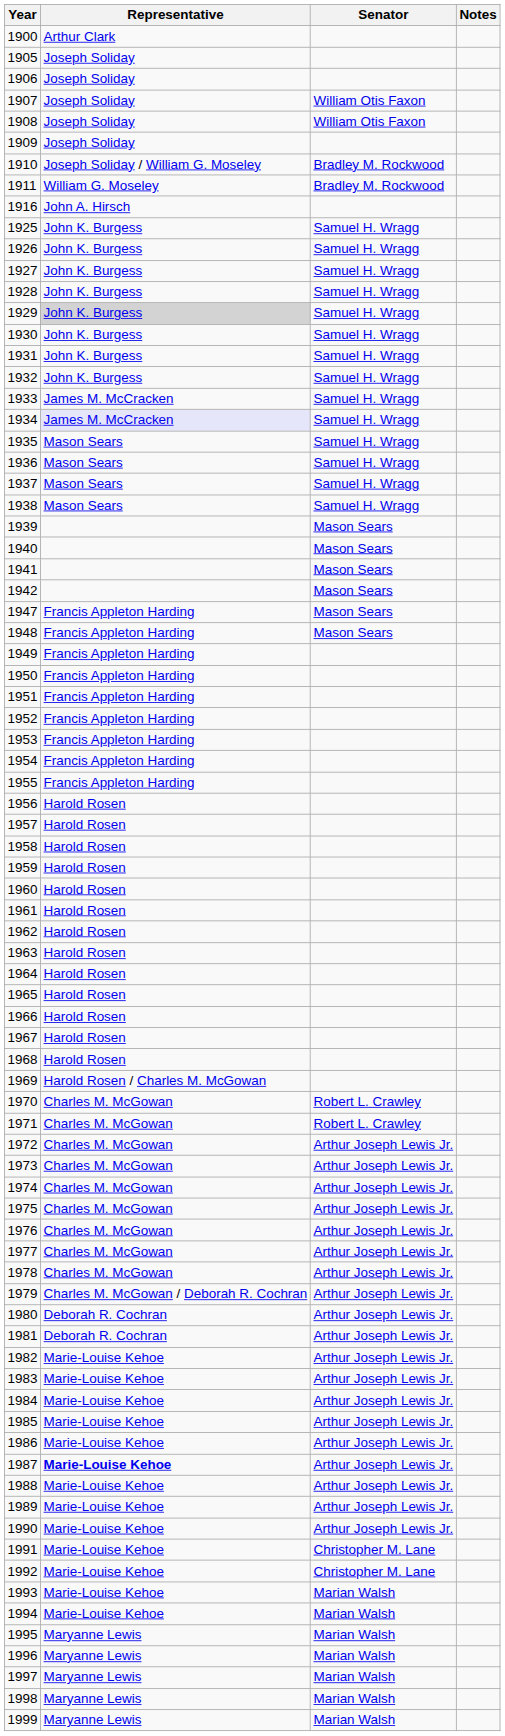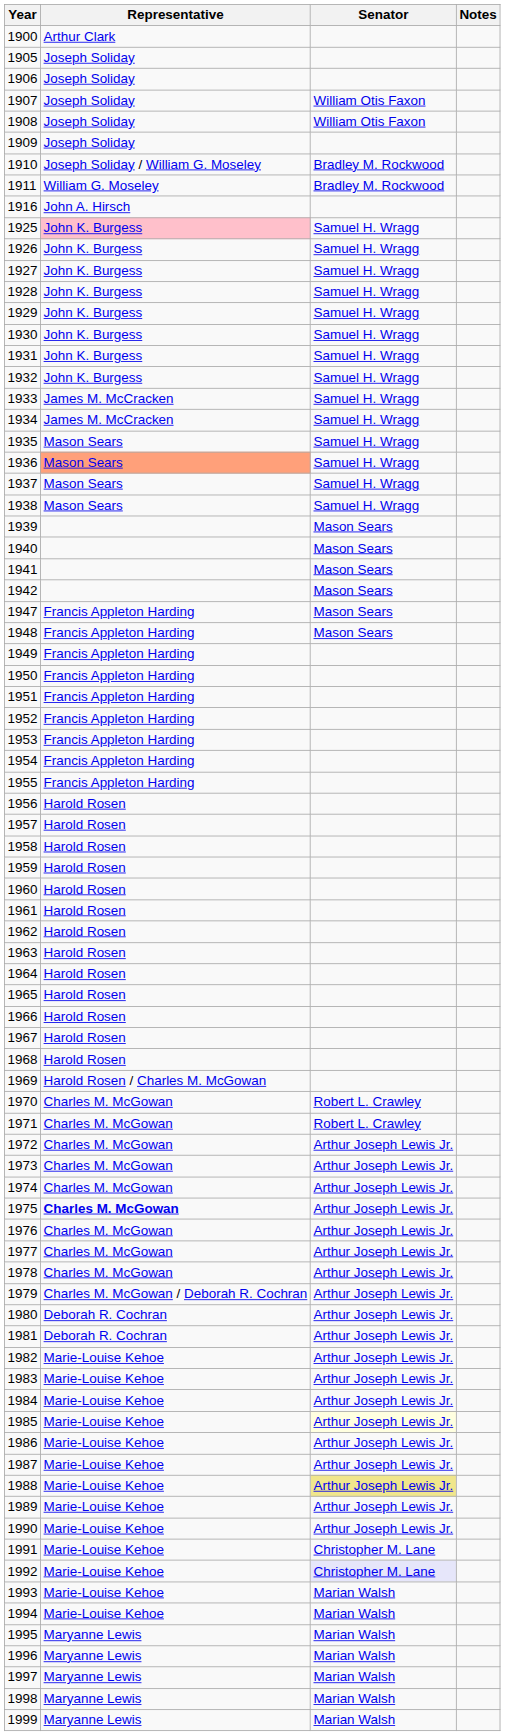 <table class="wikitable collapsible sortable">
 <tr>
 <th>Year</th>
 <th>Representative</th>
 <th>Senator</th>
 <th>Notes</th>
 </tr>
 <tr>
 <td>1900</td>
 <td><a href='#'>Arthur Clark</a></td>
 <td></td>
 <td></td>
 </tr>
 <tr>
 <td>1905</td>
 <td><a href='#'>Joseph Soliday</a></td>
 <td></td>
 <td></td>
 </tr>
 <tr>
 <td>1906</td>
 <td><a href='#'>Joseph Soliday</a></td>
 <td></td>
 <td></td>
 </tr>
 <tr>
 <td>1907</td>
 <td><a href='#'>Joseph Soliday</a></td>
 <td><a href='#'>William Otis Faxon</a></td>
 <td></td>
 </tr>
 <tr>
 <td>1908</td>
 <td><a href='#'>Joseph Soliday</a></td>
 <td><a href='#'>William Otis Faxon</a></td>
 <td></td>
 </tr>
 <tr>
 <td>1909</td>
 <td><a href='#'>Joseph Soliday</a></td>
 <td></td>
 <td></td>
 </tr>
 <tr>
 <td>1910</td>
 <td><a href='#'>Joseph Soliday</a> / <a href='#'>William G. Moseley</a></td>
 <td><a href='#'>Bradley M. Rockwood</a></td>
 <td></td>
 </tr>
 <tr>
 <td>1911</td>
 <td><a href='#'>William G. Moseley</a></td>
 <td><a href='#'>Bradley M. Rockwood</a></td>
 <td></td>
 </tr>
 <tr>
 <td>1916</td>
 <td><a href='#'>John A. Hirsch</a></td>
 <td></td>
 <td></td>
 </tr>
 <tr>
 <td>1925</td>
-<td><a href='#'>John K. Burgess</a></td>
+<td style="background: pink;"><a href='#'>John K. Burgess</a></td>
 <td><a href='#'>Samuel H. Wragg</a></td>
 <td></td>
 </tr>
 <tr>
 <td>1926</td>
 <td><a href='#'>John K. Burgess</a></td>
 <td><a href='#'>Samuel H. Wragg</a></td>
 <td></td>
 </tr>
 <tr>
 <td>1927</td>
 <td><a href='#'>John K. Burgess</a></td>
 <td><a href='#'>Samuel H. Wragg</a></td>
 <td></td>
 </tr>
 <tr>
 <td>1928</td>
 <td><a href='#'>John K. Burgess</a></td>
 <td><a href='#'>Samuel H. Wragg</a></td>
 <td></td>
 </tr>
 <tr>
 <td>1929</td>
-<td style="background: lightgrey;"><a href='#'>John K. Burgess</a></td>
+<td><a href='#'>John K. Burgess</a></td>
 <td><a href='#'>Samuel H. Wragg</a></td>
 <td></td>
 </tr>
 <tr>
 <td>1930</td>
 <td><a href='#'>John K. Burgess</a></td>
 <td><a href='#'>Samuel H. Wragg</a></td>
 <td></td>
 </tr>
 <tr>
 <td>1931</td>
 <td><a href='#'>John K. Burgess</a></td>
 <td><a href='#'>Samuel H. Wragg</a></td>
 <td></td>
 </tr>
 <tr>
 <td>1932</td>
 <td><a href='#'>John K. Burgess</a></td>
 <td><a href='#'>Samuel H. Wragg</a></td>
 <td></td>
 </tr>
 <tr>
 <td>1933</td>
 <td><a href='#'>James M. McCracken</a></td>
 <td><a href='#'>Samuel H. Wragg</a></td>
 <td></td>
 </tr>
 <tr>
 <td>1934</td>
-<td style="background: lavender;"><a href='#'>James M. McCracken</a></td>
+<td><a href='#'>James M. McCracken</a></td>
 <td><a href='#'>Samuel H. Wragg</a></td>
 <td></td>
 </tr>
 <tr>
 <td>1935</td>
 <td><a href='#'>Mason Sears</a></td>
 <td><a href='#'>Samuel H. Wragg</a></td>
 <td></td>
 </tr>
 <tr>
 <td>1936</td>
-<td><a href='#'>Mason Sears</a></td>
+<td style="background: lightsalmon;"><a href='#'>Mason Sears</a></td>
 <td><a href='#'>Samuel H. Wragg</a></td>
 <td></td>
 </tr>
 <tr>
 <td>1937</td>
 <td><a href='#'>Mason Sears</a></td>
 <td><a href='#'>Samuel H. Wragg</a></td>
 <td></td>
 </tr>
 <tr>
 <td>1938</td>
 <td><a href='#'>Mason Sears</a></td>
 <td><a href='#'>Samuel H. Wragg</a></td>
 <td></td>
 </tr>
 <tr>
 <td>1939</td>
 <td></td>
 <td><a href='#'>Mason Sears</a></td>
 <td></td>
 </tr>
 <tr>
 <td>1940</td>
 <td></td>
 <td><a href='#'>Mason Sears</a></td>
 <td></td>
 </tr>
 <tr>
 <td>1941</td>
 <td></td>
 <td><a href='#'>Mason Sears</a></td>
 <td></td>
 </tr>
 <tr>
 <td>1942</td>
 <td></td>
 <td><a href='#'>Mason Sears</a></td>
 <td></td>
 </tr>
 <tr>
 <td>1947</td>
 <td><a href='#'>Francis Appleton Harding</a></td>
 <td><a href='#'>Mason Sears</a></td>
 <td></td>
 </tr>
 <tr>
 <td>1948</td>
 <td><a href='#'>Francis Appleton Harding</a></td>
 <td><a href='#'>Mason Sears</a></td>
 <td></td>
 </tr>
 <tr>
 <td>1949</td>
 <td><a href='#'>Francis Appleton Harding</a></td>
 <td></td>
 <td></td>
 </tr>
 <tr>
 <td>1950</td>
 <td><a href='#'>Francis Appleton Harding</a></td>
 <td></td>
 <td></td>
 </tr>
 <tr>
 <td>1951</td>
 <td><a href='#'>Francis Appleton Harding</a></td>
 <td></td>
 <td></td>
 </tr>
 <tr>
 <td>1952</td>
 <td><a href='#'>Francis Appleton Harding</a></td>
 <td></td>
 <td></td>
 </tr>
 <tr>
 <td>1953</td>
 <td><a href='#'>Francis Appleton Harding</a></td>
 <td></td>
 <td></td>
 </tr>
 <tr>
 <td>1954</td>
 <td><a href='#'>Francis Appleton Harding</a></td>
 <td></td>
 <td></td>
 </tr>
 <tr>
 <td>1955</td>
 <td><a href='#'>Francis Appleton Harding</a></td>
 <td></td>
 <td></td>
 </tr>
 <tr>
 <td>1956</td>
 <td><a href='#'>Harold Rosen</a></td>
 <td></td>
 <td></td>
 </tr>
 <tr>
 <td>1957</td>
 <td><a href='#'>Harold Rosen</a></td>
 <td></td>
 <td></td>
 </tr>
 <tr>
 <td>1958</td>
 <td><a href='#'>Harold Rosen</a></td>
 <td></td>
 <td></td>
 </tr>
 <tr>
 <td>1959</td>
 <td><a href='#'>Harold Rosen</a></td>
 <td></td>
 <td></td>
 </tr>
 <tr>
 <td>1960</td>
 <td><a href='#'>Harold Rosen</a></td>
 <td></td>
 <td></td>
 </tr>
 <tr>
 <td>1961</td>
 <td><a href='#'>Harold Rosen</a></td>
 <td></td>
 <td></td>
 </tr>
 <tr>
 <td>1962</td>
 <td><a href='#'>Harold Rosen</a></td>
 <td></td>
 <td></td>
 </tr>
 <tr>
 <td>1963</td>
 <td><a href='#'>Harold Rosen</a></td>
 <td></td>
 <td></td>
 </tr>
 <tr>
 <td>1964</td>
 <td><a href='#'>Harold Rosen</a></td>
 <td></td>
 <td></td>
 </tr>
 <tr>
 <td>1965</td>
 <td><a href='#'>Harold Rosen</a></td>
 <td></td>
 <td></td>
 </tr>
 <tr>
 <td>1966</td>
 <td><a href='#'>Harold Rosen</a></td>
 <td></td>
 <td></td>
 </tr>
 <tr>
 <td>1967</td>
 <td><a href='#'>Harold Rosen</a></td>
 <td></td>
 <td></td>
 </tr>
 <tr>
 <td>1968</td>
 <td><a href='#'>Harold Rosen</a></td>
 <td></td>
 <td></td>
 </tr>
 <tr>
 <td>1969</td>
 <td><a href='#'>Harold Rosen</a> / <a href='#'>Charles M. McGowan</a></td>
 <td></td>
 <td></td>
 </tr>
 <tr>
 <td>1970</td>
 <td><a href='#'>Charles M. McGowan</a></td>
 <td><a href='#'>Robert L. Crawley</a></td>
 <td></td>
 </tr>
 <tr>
 <td>1971</td>
 <td><a href='#'>Charles M. McGowan</a></td>
 <td><a href='#'>Robert L. Crawley</a></td>
 <td></td>
 </tr>
 <tr>
 <td>1972</td>
 <td><a href='#'>Charles M. McGowan</a></td>
 <td><a href='#'>Arthur Joseph Lewis Jr.</a></td>
 <td></td>
 </tr>
 <tr>
 <td>1973</td>
 <td><a href='#'>Charles M. McGowan</a></td>
 <td><a href='#'>Arthur Joseph Lewis Jr.</a></td>
 <td></td>
 </tr>
 <tr>
 <td>1974</td>
 <td><a href='#'>Charles M. McGowan</a></td>
 <td><a href='#'>Arthur Joseph Lewis Jr.</a></td>
 <td></td>
 </tr>
 <tr>
 <td>1975</td>
-<td><a href='#'>Charles M. McGowan</a></td>
+<td><strong><a href='#'>Charles M. McGowan</a></strong></td>
 <td><a href='#'>Arthur Joseph Lewis Jr.</a></td>
 <td></td>
 </tr>
 <tr>
 <td>1976</td>
 <td><a href='#'>Charles M. McGowan</a></td>
 <td><a href='#'>Arthur Joseph Lewis Jr.</a></td>
 <td></td>
 </tr>
 <tr>
 <td>1977</td>
 <td><a href='#'>Charles M. McGowan</a></td>
 <td><a href='#'>Arthur Joseph Lewis Jr.</a></td>
 <td></td>
 </tr>
 <tr>
 <td>1978</td>
 <td><a href='#'>Charles M. McGowan</a></td>
 <td><a href='#'>Arthur Joseph Lewis Jr.</a></td>
 <td></td>
 </tr>
 <tr>
 <td>1979</td>
 <td><a href='#'>Charles M. McGowan</a> / <a href='#'>Deborah R. Cochran</a></td>
 <td><a href='#'>Arthur Joseph Lewis Jr.</a></td>
 <td></td>
 </tr>
 <tr>
 <td>1980</td>
 <td><a href='#'>Deborah R. Cochran</a></td>
 <td><a href='#'>Arthur Joseph Lewis Jr.</a></td>
 <td></td>
 </tr>
 <tr>
 <td>1981</td>
 <td><a href='#'>Deborah R. Cochran</a></td>
 <td><a href='#'>Arthur Joseph Lewis Jr.</a></td>
 <td></td>
 </tr>
 <tr>
 <td>1982</td>
 <td><a href='#'>Marie-Louise Kehoe</a></td>
 <td><a href='#'>Arthur Joseph Lewis Jr.</a></td>
 <td></td>
 </tr>
 <tr>
 <td>1983</td>
 <td><a href='#'>Marie-Louise Kehoe</a></td>
 <td><a href='#'>Arthur Joseph Lewis Jr.</a></td>
 <td></td>
 </tr>
 <tr>
 <td>1984</td>
 <td><a href='#'>Marie-Louise Kehoe</a></td>
 <td><a href='#'>Arthur Joseph Lewis Jr.</a></td>
 <td></td>
 </tr>
 <tr>
 <td>1985</td>
 <td><a href='#'>Marie-Louise Kehoe</a></td>
-<td><a href='#'>Arthur Joseph Lewis Jr.</a></td>
+<td style="background: lightyellow;"><a href='#'>Arthur Joseph Lewis Jr.</a></td>
 <td></td>
 </tr>
 <tr>
 <td>1986</td>
 <td><a href='#'>Marie-Louise Kehoe</a></td>
 <td><a href='#'>Arthur Joseph Lewis Jr.</a></td>
 <td></td>
 </tr>
 <tr>
 <td>1987</td>
-<td><strong><a href='#'>Marie-Louise Kehoe</a></strong></td>
+<td><a href='#'>Marie-Louise Kehoe</a></td>
 <td><a href='#'>Arthur Joseph Lewis Jr.</a></td>
 <td></td>
 </tr>
 <tr>
 <td>1988</td>
 <td><a href='#'>Marie-Louise Kehoe</a></td>
-<td><a href='#'>Arthur Joseph Lewis Jr.</a></td>
+<td style="background: khaki;"><a href='#'>Arthur Joseph Lewis Jr.</a></td>
 <td></td>
 </tr>
 <tr>
 <td>1989</td>
 <td><a href='#'>Marie-Louise Kehoe</a></td>
 <td><a href='#'>Arthur Joseph Lewis Jr.</a></td>
 <td></td>
 </tr>
 <tr>
 <td>1990</td>
 <td><a href='#'>Marie-Louise Kehoe</a></td>
 <td><a href='#'>Arthur Joseph Lewis Jr.</a></td>
 <td></td>
 </tr>
 <tr>
 <td>1991</td>
 <td><a href='#'>Marie-Louise Kehoe</a></td>
 <td><a href='#'>Christopher M. Lane</a></td>
 <td></td>
 </tr>
 <tr>
 <td>1992</td>
 <td><a href='#'>Marie-Louise Kehoe</a></td>
-<td><a href='#'>Christopher M. Lane</a></td>
+<td style="background: lavender;"><a href='#'>Christopher M. Lane</a></td>
 <td></td>
 </tr>
 <tr>
 <td>1993</td>
 <td><a href='#'>Marie-Louise Kehoe</a></td>
 <td><a href='#'>Marian Walsh</a></td>
 <td></td>
 </tr>
 <tr>
 <td>1994</td>
 <td><a href='#'>Marie-Louise Kehoe</a></td>
 <td><a href='#'>Marian Walsh</a></td>
 <td></td>
 </tr>
 <tr>
 <td>1995</td>
 <td><a href='#'>Maryanne Lewis</a></td>
 <td><a href='#'>Marian Walsh</a></td>
 <td></td>
 </tr>
 <tr>
 <td>1996</td>
 <td><a href='#'>Maryanne Lewis</a></td>
 <td><a href='#'>Marian Walsh</a></td>
 <td></td>
 </tr>
 <tr>
 <td>1997</td>
 <td><a href='#'>Maryanne Lewis</a></td>
 <td><a href='#'>Marian Walsh</a></td>
 <td></td>
 </tr>
 <tr>
 <td>1998</td>
 <td><a href='#'>Maryanne Lewis</a></td>
 <td><a href='#'>Marian Walsh</a></td>
 <td></td>
 </tr>
 <tr>
 <td>1999</td>
 <td><a href='#'>Maryanne Lewis</a></td>
 <td><a href='#'>Marian Walsh</a></td>
 <td></td>
 </tr>
 </table>
